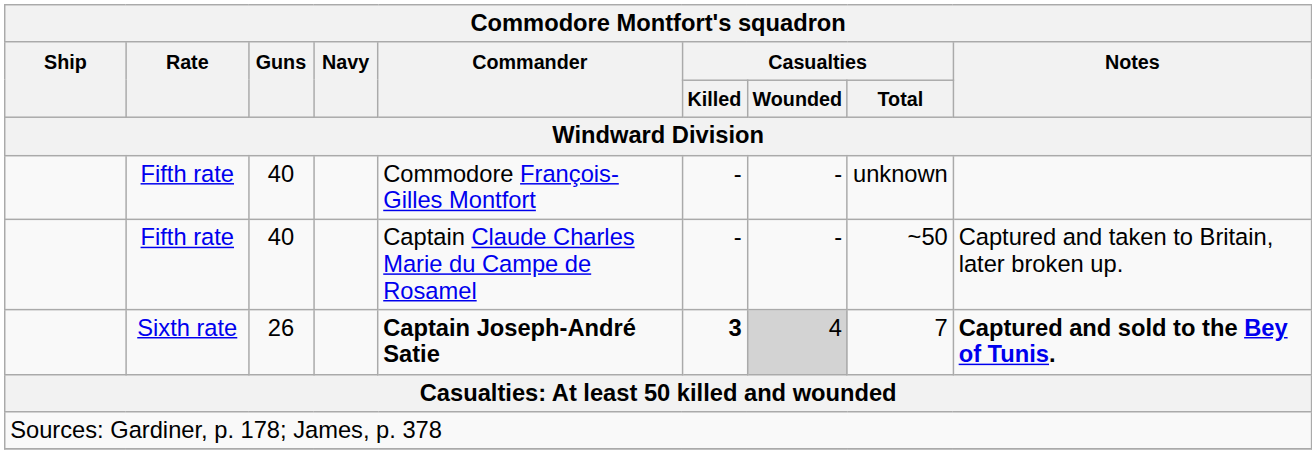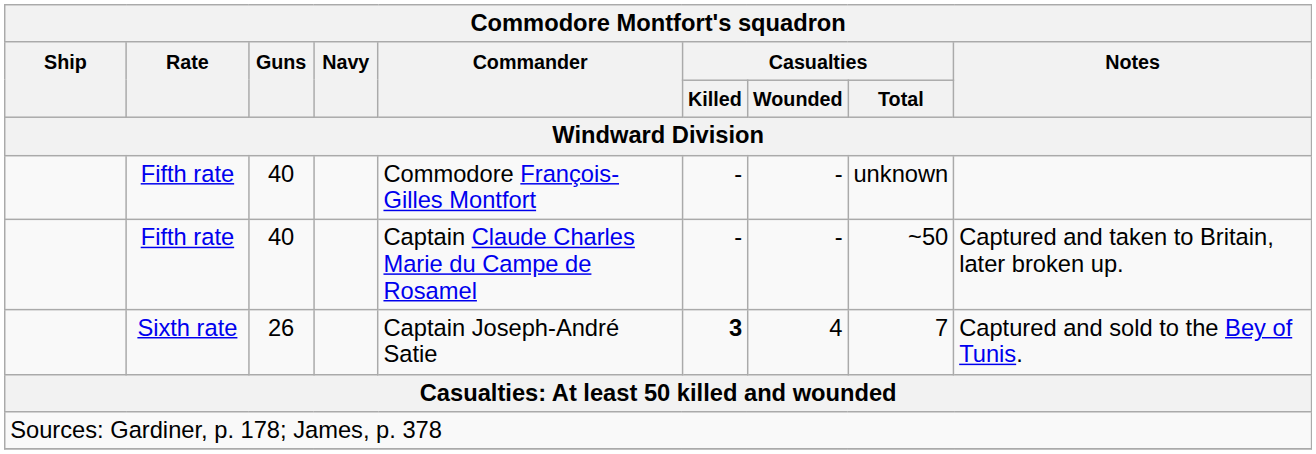 <table class="wikitable" width=100%>
 <tr valign="top">
 <th colspan="11" bgcolor="white">Commodore Montfort's squadron</th>
 </tr>
 <tr valign="top"|- valign="top">
 <th width=10%; align= center rowspan=2><small> Ship </small></th>
 <th width=10%; align= center rowspan=2><small> Rate </small></th>
 <th width=5%; align= center rowspan=2><small> Guns </small></th>
 <th width=5%; align= center rowspan=2><small> Navy </small></th>
 <th width=25%; align= center rowspan=2><small> Commander </small></th>
 <th width=15%; align= center colspan=3><small>Casualties</small></th>
 <th width=30%; align= center rowspan=2><small>Notes</small></th>
 </tr>
 <tr valign="top">
 <th width=5%; align= center><small> Killed </small></th>
 <th width=5%; align= center><small> Wounded </small></th>
 <th width=5%; align= center><small> Total</small></th>
 </tr>
 <tr valign="top">
 <th colspan="11" bgcolor="white">Windward Division</th>
 </tr>
 <tr valign="top">
 <td align= left></td>
 <td align= center><a href='#'>Fifth rate</a></td>
 <td align= center>40</td>
 <td align= center></td>
 <td align= left>Commodore <a href='#'>François-Gilles Montfort</a></td>
 <td align= right>-</td>
 <td align= right>-</td>
 <td align= right>unknown</td>
 <td align= left></td>
 </tr>
 <tr valign="top">
 <td align= left></td>
 <td align= center><a href='#'>Fifth rate</a></td>
 <td align= center>40</td>
 <td align= center></td>
 <td align= left>Captain <a href='#'>Claude Charles Marie du Campe de Rosamel</a></td>
 <td align= right>-</td>
 <td align= right>-</td>
 <td align= right>~50</td>
 <td align= left>Captured and taken to Britain, later broken up.</td>
 </tr>
 <tr valign="top">
 <td align= left></td>
 <td align= center><a href='#'>Sixth rate</a></td>
 <td align= center>26</td>
 <td align= center></td>
-<td align= left><strong>Captain Joseph-André Satie</strong></td>
+<td align= left>Captain Joseph-André Satie</td>
 <td align= right><strong>3</strong></td>
-<td align= right style="background: lightgrey;">4</td>
+<td align= right>4</td>
 <td align= right>7</td>
-<td align= left><strong>Captured and sold to the <a href='#'>Bey of Tunis</a>.</strong></td>
+<td align= left>Captured and sold to the <a href='#'>Bey of Tunis</a>.</td>
 </tr>
 <tr valign="top">
 <th colspan="11" bgcolor="white">Casualties: At least 50 killed and wounded</th>
 </tr>
 <tr valign="top">
 <td colspan="9" align="left">Sources: Gardiner, p. 178; James, p. 378</td>
 </tr>
 <tr>
 </tr>
 </table>
